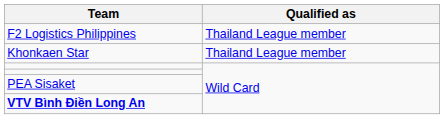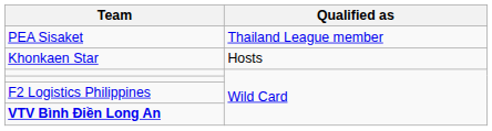 <table class="wikitable">
 <tr>
 <th width=250>Team</th>
 <th width=300>Qualified as</th>
 </tr>
 <tr>
-<td> <a href='#'>F2 Logistics Philippines</a></td>
+<td><a href='#'>PEA Sisaket</a></td>
 <td><a href='#'>Thailand League member</a></td>
 </tr>
 <tr>
 <td><a href='#'>Khonkaen Star</a></td>
-<td><a href='#'>Thailand League member</a></td>
+<td>Hosts</td>
 </tr>
 <tr>
 <td></td>
 <td rowspan=4><a href='#'>Wild Card</a></td>
 </tr>
 <tr>
 <td></td>
 </tr>
 <tr>
-<td><a href='#'>PEA Sisaket</a></td>
+<td> <a href='#'>F2 Logistics Philippines</a></td>
 </tr>
 <tr>
 <td><strong> <a href='#'>VTV Bình Điền Long An</a></strong></td>
 </tr>
 </table>
